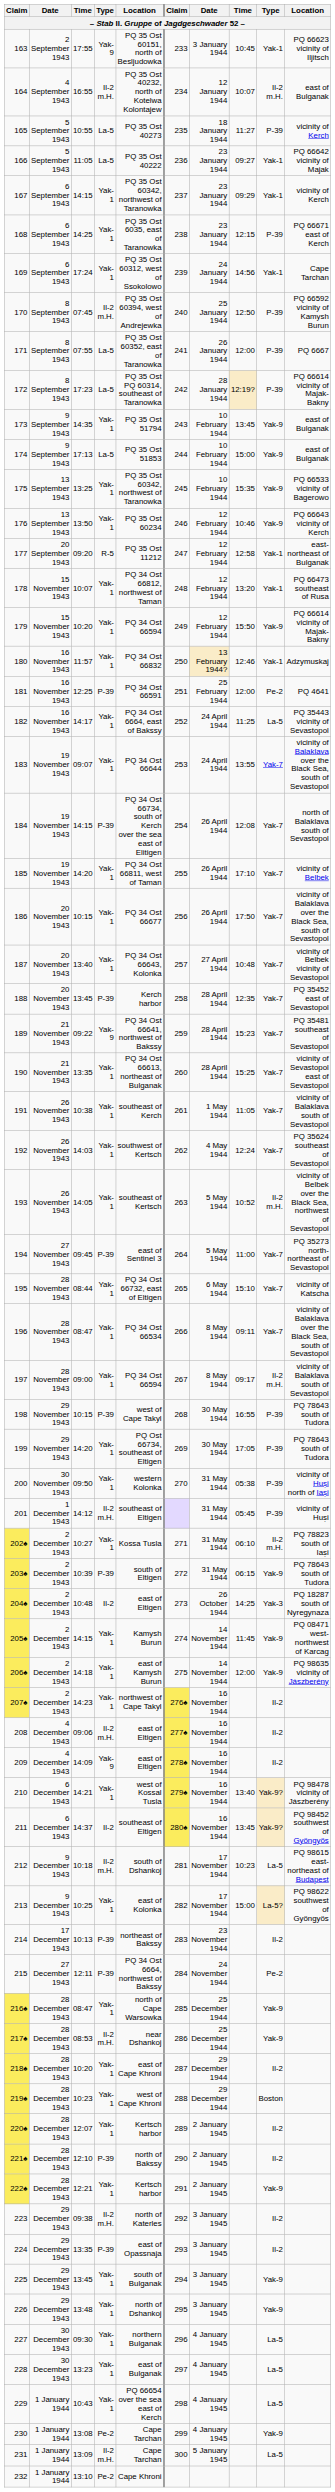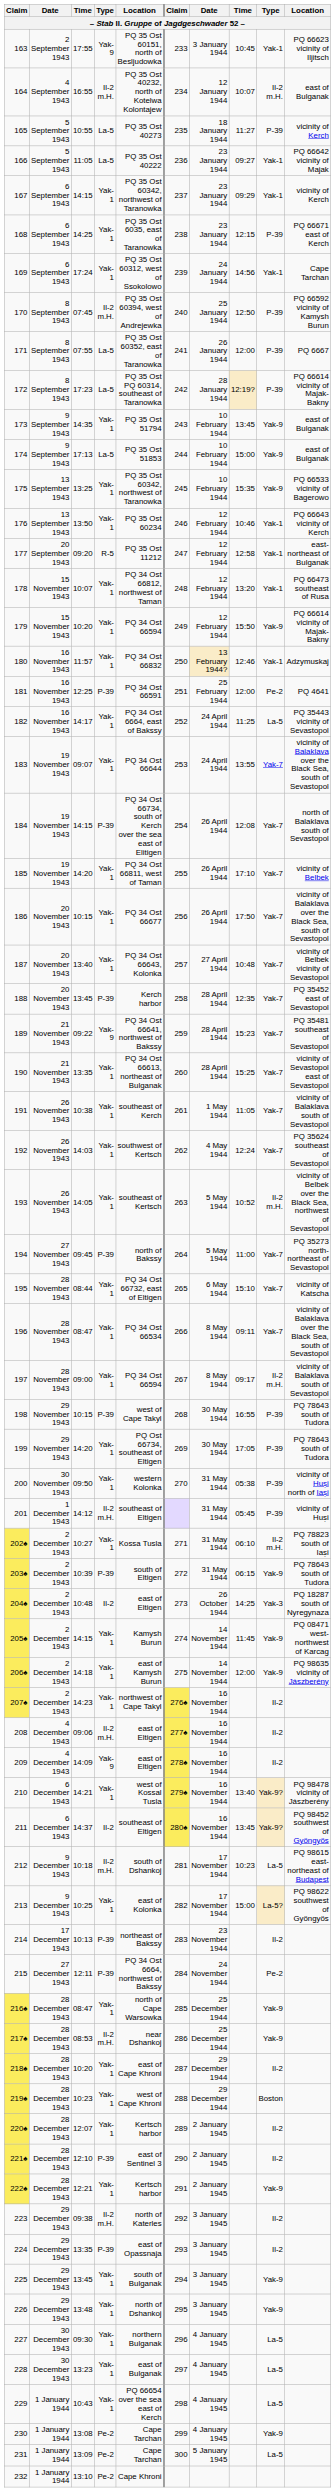 <table class="wikitable plainrowheaders" style="margin-left: auto; margin-right: auto; border: none; text-align:right; width: 100%;">
 <tr>
 <th scope="col">Claim</th>
 <th scope="col">Date</th>
 <th scope="col">Time</th>
 <th scope="col" width="100px">Type</th>
 <th scope="col">Location</th>
 <th scope="col" style="border-left: 3px solid grey;">Claim</th>
 <th scope="col">Date</th>
 <th scope="col">Time</th>
 <th scope="col" width="100px">Type</th>
 <th scope="col">Location</th>
 </tr>
 <tr>
 <th colspan="10">– <em>Stab</em> II. <em>Gruppe</em> of <em>Jagdgeschwader</em> 52 –</th>
 </tr>
 <tr>
 <td>163</td>
 <td>2 September 1943</td>
 <td>17:55</td>
 <td>Yak-9</td>
 <td>PQ 35 Ost 60151,  north of Besljudowka</td>
 <td style="border-left: 3px solid grey;">233</td>
 <td>3 January 1944</td>
 <td>10:45</td>
 <td>Yak-1</td>
 <td>PQ 66623<br>vicinity of Iljitsch</td>
 </tr>
 <tr>
 <td>164</td>
 <td>4 September 1943</td>
 <td>16:55</td>
 <td>Il-2 m.H.</td>
 <td>PQ 35 Ost 40232,  north of Kotelwa<br>Kolontajew</td>
 <td style="border-left: 3px solid grey;">234</td>
 <td>12 January 1944</td>
 <td>10:07</td>
 <td>Il-2 m.H.</td>
 <td>east of Bulganak</td>
 </tr>
 <tr>
 <td>165</td>
 <td>5 September 1943</td>
 <td>10:55</td>
 <td>La-5</td>
 <td>PQ 35 Ost 40273</td>
 <td style="border-left: 3px solid grey;">235</td>
 <td>18 January 1944</td>
 <td>11:27</td>
 <td>P-39</td>
 <td>vicinity of <a href='#'>Kerch</a></td>
 </tr>
 <tr>
 <td>166</td>
 <td>5 September 1943</td>
 <td>11:05</td>
 <td>La-5</td>
 <td>PQ 35 Ost 40222</td>
 <td style="border-left: 3px solid grey;">236</td>
 <td>23 January 1944</td>
 <td>09:27</td>
 <td>Yak-1</td>
 <td>PQ 66642<br>vicinity of Majak</td>
 </tr>
 <tr>
 <td>167</td>
 <td>6 September 1943</td>
 <td>14:15</td>
 <td>Yak-1</td>
 <td>PQ 35 Ost 60342,  northwest of Taranowka</td>
 <td style="border-left: 3px solid grey;">237</td>
 <td>23 January 1944</td>
 <td>09:29</td>
 <td>Yak-1</td>
 <td>vicinity of Kerch</td>
 </tr>
 <tr>
 <td>168</td>
 <td>6 September 1943</td>
 <td>14:25</td>
 <td>Yak-1</td>
 <td>PQ 35 Ost 6035,  east of Taranowka</td>
 <td style="border-left: 3px solid grey;">238</td>
 <td>23 January 1944</td>
 <td>12:15</td>
 <td>P-39</td>
 <td>PQ 66671<br>east of Kerch</td>
 </tr>
 <tr>
 <td>169</td>
 <td>6 September 1943</td>
 <td>17:24</td>
 <td>Yak-1</td>
 <td>PQ 35 Ost 60312,  west of Ssokolowo</td>
 <td style="border-left: 3px solid grey;">239</td>
 <td>24 January 1944</td>
 <td>14:56</td>
 <td>Yak-1</td>
 <td>Cape Tarchan</td>
 </tr>
 <tr>
 <td>170</td>
 <td>8 September 1943</td>
 <td>07:45</td>
 <td>Il-2 m.H.</td>
 <td>PQ 35 Ost 60394,  west of Andrejewka</td>
 <td style="border-left: 3px solid grey;">240</td>
 <td>25 January 1944</td>
 <td>12:50</td>
 <td>P-39</td>
 <td>PQ 66592<br>vicinity of Kamysh Burun</td>
 </tr>
 <tr>
 <td>171</td>
 <td>8 September 1943</td>
 <td>07:55</td>
 <td>La-5</td>
 <td>PQ 35 Ost 60352,  east of Taranowka</td>
 <td style="border-left: 3px solid grey;">241</td>
 <td>26 January 1944</td>
 <td>12:00</td>
 <td>P-39</td>
 <td>PQ 6667</td>
 </tr>
 <tr>
 <td>172</td>
 <td>8 September 1943</td>
 <td>17:23</td>
 <td>La-5</td>
 <td>PQ 35 Ost PQ 60314,  southeast of Taranowka</td>
 <td style="border-left: 3px solid grey;">242</td>
 <td>28 January 1944</td>
 <td style="background:#faecc8">12:19?</td>
 <td>P-39</td>
 <td>PQ 66614<br>vicinity of Majak-Bakny</td>
 </tr>
 <tr>
 <td>173</td>
 <td>9 September 1943</td>
 <td>14:35</td>
 <td>Yak-1</td>
 <td>PQ 35 Ost 51794</td>
 <td style="border-left: 3px solid grey;">243</td>
 <td>10 February 1944</td>
 <td>13:45</td>
 <td>Yak-9</td>
 <td>east of Bulganak</td>
 </tr>
 <tr>
 <td>174</td>
 <td>9 September 1943</td>
 <td>17:13</td>
 <td>La-5</td>
 <td>PQ 35 Ost 51853</td>
 <td style="border-left: 3px solid grey;">244</td>
 <td>10 February 1944</td>
 <td>15:00</td>
 <td>Yak-9</td>
 <td>east of Bulganak</td>
 </tr>
 <tr>
 <td>175</td>
 <td>13 September 1943</td>
 <td>13:25</td>
 <td>Yak-1</td>
 <td>PQ 35 Ost 60342, northwest of Taranowka</td>
 <td style="border-left: 3px solid grey;">245</td>
 <td>10 February 1944</td>
 <td>15:35</td>
 <td>Yak-9</td>
 <td>PQ 66533<br>vicinity of Bagerowo</td>
 </tr>
 <tr>
 <td>176</td>
 <td>13 September 1943</td>
 <td>13:50</td>
 <td>Yak-1</td>
 <td>PQ 35 Ost 60234</td>
 <td style="border-left: 3px solid grey;">246</td>
 <td>12 February 1944</td>
 <td>10:46</td>
-<td>Yak-9</td>
+<td>Yak-1</td>
 <td>PQ 66643<br>vicinity of Kerch</td>
 </tr>
 <tr>
 <td>177</td>
 <td>20 September 1943</td>
 <td>09:20</td>
 <td>R-5</td>
 <td>PQ 35 Ost 11212</td>
 <td style="border-left: 3px solid grey;">247</td>
 <td>12 February 1944</td>
 <td>12:58</td>
 <td>Yak-1</td>
 <td>east-northeast of Bulganak</td>
 </tr>
 <tr>
 <td>178</td>
 <td>15 November 1943</td>
 <td>10:07</td>
 <td>Yak-1</td>
 <td>PQ 34 Ost 66812, northwest of Taman</td>
 <td style="border-left: 3px solid grey;">248</td>
 <td>12 February 1944</td>
 <td>13:20</td>
 <td>Yak-1</td>
 <td>PQ 66473<br> southeast of Rusa</td>
 </tr>
 <tr>
 <td>179</td>
 <td>15 November 1943</td>
 <td>10:20</td>
 <td>Yak-1</td>
 <td>PQ 34 Ost 66594</td>
 <td style="border-left: 3px solid grey;">249</td>
 <td>12 February 1944</td>
 <td>15:50</td>
 <td>Yak-9</td>
 <td>PQ 66614<br>vicinity of Majak-Bakny</td>
 </tr>
 <tr>
 <td>180</td>
 <td>16 November 1943</td>
 <td>11:57</td>
 <td>Yak-1</td>
 <td>PQ 34 Ost 66832</td>
 <td style="border-left: 3px solid grey;">250</td>
 <td style="background:#faecc8">13 February 1944?</td>
 <td>12:46</td>
 <td>Yak-1</td>
 <td>Adzymuskaj</td>
 </tr>
 <tr>
 <td>181</td>
 <td>16 November 1943</td>
 <td>12:25</td>
 <td>P-39</td>
 <td>PQ 34 Ost 66591</td>
 <td style="border-left: 3px solid grey;">251</td>
 <td>25 February 1944</td>
 <td>12:00</td>
 <td>Pe-2</td>
 <td>PQ 4641</td>
 </tr>
 <tr>
 <td>182</td>
 <td>16 November 1943</td>
 <td>14:17</td>
 <td>Yak-1</td>
 <td>PQ 34 Ost 6664,  east of Bakssy</td>
 <td style="border-left: 3px solid grey;">252</td>
 <td>24 April 1944</td>
 <td>11:25</td>
 <td>La-5</td>
 <td>PQ 35443<br>vicinity of Sevastopol</td>
 </tr>
 <tr>
 <td>183</td>
 <td>19 November 1943</td>
 <td>09:07</td>
 <td>Yak-1</td>
 <td>PQ 34 Ost 66644</td>
 <td style="border-left: 3px solid grey;">253</td>
 <td>24 April 1944</td>
 <td>13:55</td>
 <td><a href='#'>Yak-7</a></td>
 <td>vicinity of <a href='#'>Balaklava</a><br>over the Black Sea,  south of Sevastopol</td>
 </tr>
 <tr>
 <td>184</td>
 <td>19 November 1943</td>
 <td>14:15</td>
 <td>P-39</td>
 <td>PQ 34 Ost 66734, south of Kerch<br>over the sea east of Elitigen</td>
 <td style="border-left: 3px solid grey;">254</td>
 <td>26 April 1944</td>
 <td>12:08</td>
 <td>Yak-7</td>
 <td>north of Balaklava<br> south of Sevastopol</td>
 </tr>
 <tr>
 <td>185</td>
 <td>19 November 1943</td>
 <td>14:20</td>
 <td>Yak-1</td>
 <td>PQ 34 Ost 66811, west of Taman</td>
 <td style="border-left: 3px solid grey;">255</td>
 <td>26 April 1944</td>
 <td>17:10</td>
 <td>Yak-7</td>
 <td>vicinity of <a href='#'>Belbek</a></td>
 </tr>
 <tr>
 <td>186</td>
 <td>20 November 1943</td>
 <td>10:15</td>
 <td>Yak-1</td>
 <td>PQ 34 Ost 66677</td>
 <td style="border-left: 3px solid grey;">256</td>
 <td>26 April 1944</td>
 <td>17:50</td>
 <td>Yak-7</td>
 <td>vicinity of Balaklava<br>over the Black Sea,  south of Sevastopol</td>
 </tr>
 <tr>
 <td>187</td>
 <td>20 November 1943</td>
 <td>13:40</td>
 <td>Yak-1</td>
 <td>PQ 34 Ost 66643, Kolonka</td>
 <td style="border-left: 3px solid grey;">257</td>
 <td>27 April 1944</td>
 <td>10:48</td>
 <td>Yak-7</td>
 <td>vicinity of Belbek<br>vicinity of Sevastopol</td>
 </tr>
 <tr>
 <td>188</td>
 <td>20 November 1943</td>
 <td>13:45</td>
 <td>P-39</td>
 <td>Kerch harbor</td>
 <td style="border-left: 3px solid grey;">258</td>
 <td>28 April 1944</td>
 <td>12:35</td>
 <td>Yak-7</td>
 <td>PQ 35452<br> east of Sevastopol</td>
 </tr>
 <tr>
 <td>189</td>
 <td>21 November 1943</td>
 <td>09:22</td>
 <td>Yak-9</td>
 <td>PQ 34 Ost 66641, northwest of Bakssy</td>
 <td style="border-left: 3px solid grey;">259</td>
 <td>28 April 1944</td>
 <td>15:23</td>
 <td>Yak-7</td>
 <td>PQ 35481<br> southeast of Sevastopol</td>
 </tr>
 <tr>
 <td>190</td>
 <td>21 November 1943</td>
 <td>13:35</td>
 <td>Yak-1</td>
 <td>PQ 34 Ost 66613, northeast of Bulganak</td>
 <td style="border-left: 3px solid grey;">260</td>
 <td>28 April 1944</td>
 <td>15:25</td>
 <td>Yak-7</td>
 <td>vicinity of Sevastopol<br> east of Sevastopol</td>
 </tr>
 <tr>
 <td>191</td>
 <td>26 November 1943</td>
 <td>10:38</td>
 <td>Yak-1</td>
 <td>southeast of Kerch</td>
 <td style="border-left: 3px solid grey;">261</td>
 <td>1 May 1944</td>
 <td>11:05</td>
 <td>Yak-7</td>
 <td>vicinity of Balaklava<br> south of Sevastopol</td>
 </tr>
 <tr>
 <td>192</td>
 <td>26 November 1943</td>
 <td>14:03</td>
 <td>Yak-1</td>
 <td>southwest of Kertsch</td>
 <td style="border-left: 3px solid grey;">262</td>
 <td>4 May 1944</td>
 <td>12:24</td>
 <td>Yak-7</td>
 <td>PQ 35624<br> southeast of Sevastopol</td>
 </tr>
 <tr>
 <td>193</td>
 <td>26 November 1943</td>
 <td>14:05</td>
 <td>Yak-1</td>
 <td>southeast of Kertsch</td>
 <td style="border-left: 3px solid grey;">263</td>
 <td>5 May 1944</td>
 <td>10:52</td>
 <td>Il-2 m.H.</td>
 <td>vicinity of Belbek<br>over the Black Sea,  northwest of Sevastopol</td>
 </tr>
 <tr>
 <td>194</td>
 <td>27 November 1943</td>
 <td>09:45</td>
 <td>P-39</td>
-<td>east of Sentinel 3</td>
+<td>north of Bakssy</td>
 <td style="border-left: 3px solid grey;">264</td>
 <td>5 May 1944</td>
 <td>11:00</td>
 <td>Yak-7</td>
 <td>PQ 35273<br> north-northeast of Sevastopol</td>
 </tr>
 <tr>
 <td>195</td>
 <td>28 November 1943</td>
 <td>08:44</td>
 <td>Yak-1</td>
 <td>PQ 34 Ost 66732, east of Eltigen</td>
 <td style="border-left: 3px solid grey;">265</td>
 <td>6 May 1944</td>
 <td>15:10</td>
 <td>Yak-7</td>
 <td>vicinity of Katscha</td>
 </tr>
 <tr>
 <td>196</td>
 <td>28 November 1943</td>
 <td>08:47</td>
 <td>Yak-1</td>
 <td>PQ 34 Ost 66534</td>
 <td style="border-left: 3px solid grey;">266</td>
 <td>8 May 1944</td>
 <td>09:11</td>
 <td>Yak-7</td>
 <td>vicinity of Balaklava<br>over the Black Sea,  south of Sevastopol</td>
 </tr>
 <tr>
 <td>197</td>
 <td>28 November 1943</td>
 <td>09:00</td>
 <td>Yak-1</td>
 <td>PQ 34 Ost 66594</td>
 <td style="border-left: 3px solid grey;">267</td>
 <td>8 May 1944</td>
 <td>09:17</td>
 <td>Il-2 m.H.</td>
 <td>vicinity of Balaklava<br> south of Sevastopol</td>
 </tr>
 <tr>
 <td>198</td>
 <td>29 November 1943</td>
 <td>10:15</td>
 <td>P-39</td>
 <td>west of Cape Takyl</td>
 <td style="border-left: 3px solid grey;">268</td>
 <td>30 May 1944</td>
 <td>16:55</td>
 <td>P-39</td>
 <td>PQ 78643<br> south of Tudora</td>
 </tr>
 <tr>
 <td>199</td>
 <td>29 November 1943</td>
 <td>14:20</td>
 <td>Yak-1</td>
 <td>PQ Ost 66734, southeast of Eltigen</td>
 <td style="border-left: 3px solid grey;">269</td>
 <td>30 May 1944</td>
 <td>17:05</td>
 <td>P-39</td>
 <td>PQ 78643<br> south of Tudora</td>
 </tr>
 <tr>
 <td>200</td>
 <td>30 November 1943</td>
 <td>09:50</td>
 <td>Yak-1</td>
 <td>western Kolonka</td>
 <td style="border-left: 3px solid grey;">270</td>
 <td>31 May 1944</td>
 <td>05:38</td>
 <td>P-39</td>
 <td>vicinity of <a href='#'>Huși</a><br> north of <a href='#'>Iași</a></td>
 </tr>
 <tr>
 <td>201</td>
 <td>1 December 1943</td>
 <td>14:12</td>
 <td>Il-2 m.H.</td>
 <td>southeast of Eltigen</td>
 <td style="border-left: 3px solid grey; background:#e3d9ff;"></td>
 <td>31 May 1944</td>
 <td>05:45</td>
 <td>P-39</td>
 <td>vicinity of Huși</td>
 </tr>
 <tr>
 <td style="background:#fbec5d;">202♠</td>
 <td>2 December 1943</td>
 <td>10:27</td>
 <td>Yak-1</td>
 <td>Kossa Tusla</td>
 <td style="border-left: 3px solid grey;">271</td>
 <td>31 May 1944</td>
 <td>06:10</td>
 <td>Il-2 m.H.</td>
 <td>PQ 78823<br> south of Iași</td>
 </tr>
 <tr>
 <td style="background:#fbec5d;">203♠</td>
 <td>2 December 1943</td>
 <td>10:39</td>
 <td>P-39</td>
 <td>south of Eltigen</td>
 <td style="border-left: 3px solid grey;">272</td>
 <td>31 May 1944</td>
 <td>06:15</td>
 <td>Yak-9</td>
 <td>PQ 78643<br> south of Tudora</td>
 </tr>
 <tr>
 <td style="background:#fbec5d;">204♠</td>
 <td>2 December 1943</td>
 <td>10:48</td>
 <td>Il-2</td>
 <td>east of Eltigen</td>
 <td style="border-left: 3px solid grey;">273</td>
 <td>26 October 1944</td>
 <td>14:25</td>
 <td>Yak-3</td>
 <td>PQ 18287<br> south of Nyregynaza</td>
 </tr>
 <tr>
 <td style="background:#fbec5d;">205♠</td>
 <td>2 December 1943</td>
 <td>14:15</td>
 <td>Yak-1</td>
 <td>Kamysh Burun</td>
 <td style="border-left: 3px solid grey;">274</td>
 <td>14 November 1944</td>
 <td>11:45</td>
 <td>Yak-9</td>
 <td>PQ 08471<br> west-northwest of Karcag</td>
 </tr>
 <tr>
 <td style="background:#fbec5d;">206♠</td>
 <td>2 December 1943</td>
 <td>14:18</td>
 <td>Yak-1</td>
 <td>east of Kamysh Burun</td>
 <td style="border-left: 3px solid grey;">275</td>
 <td>14 November 1944</td>
 <td>12:00</td>
 <td>Yak-9</td>
 <td>PQ 98635<br>vicinity of <a href='#'>Jászberény</a></td>
 </tr>
 <tr>
 <td style="background:#fbec5d;">207♠</td>
 <td>2 December 1943</td>
 <td>14:23</td>
 <td>Yak-1</td>
 <td>northwest of Cape Takyl</td>
 <td style="border-left: 3px solid grey; background:#fbec5d;">276♠</td>
 <td>16 November 1944</td>
 <td></td>
 <td>Il-2</td>
 <td></td>
 </tr>
 <tr>
 <td>208</td>
 <td>4 December 1943</td>
 <td>09:06</td>
 <td>Il-2 m.H.</td>
 <td>east of Eltigen</td>
 <td style="border-left: 3px solid grey; background:#fbec5d;">277♠</td>
 <td>16 November 1944</td>
 <td></td>
 <td>Il-2</td>
 <td></td>
 </tr>
 <tr>
 <td>209</td>
 <td>4 December 1943</td>
 <td>14:09</td>
 <td>Yak-9</td>
 <td>east of Eltigen</td>
 <td style="border-left: 3px solid grey; background:#fbec5d;">278♠</td>
 <td>16 November 1944</td>
 <td></td>
 <td>Il-2</td>
 <td></td>
 </tr>
 <tr>
 <td>210</td>
 <td>6 December 1943</td>
 <td>14:21</td>
 <td>Yak-1</td>
 <td>west of Kossal Tusla</td>
 <td style="border-left: 3px solid grey; background:#fbec5d;">279♠</td>
 <td>16 November 1944</td>
 <td>13:40</td>
 <td style="background:#faecc8">Yak-9?</td>
 <td>PQ 98478<br>vicinity of Jászberény</td>
 </tr>
 <tr>
 <td>211</td>
 <td>6 December 1943</td>
 <td>14:37</td>
 <td>Il-2</td>
 <td>southeast of Eltigen</td>
 <td style="border-left: 3px solid grey; background:#fbec5d;">280♠</td>
 <td>16 November 1944</td>
 <td>13:45</td>
 <td style="background:#faecc8">Yak-9?</td>
 <td>PQ 98452<br> southwest of <a href='#'>Gyöngyös</a></td>
 </tr>
 <tr>
 <td>212</td>
 <td>9 December 1943</td>
 <td>10:18</td>
 <td>Il-2 m.H.</td>
 <td>south of Dshankoj</td>
 <td style="border-left: 3px solid grey;">281</td>
 <td>17 November 1944</td>
 <td>10:23</td>
 <td>La-5</td>
 <td>PQ 98615<br> east-northeast of <a href='#'>Budapest</a></td>
 </tr>
 <tr>
 <td>213</td>
 <td>9 December 1943</td>
 <td>10:25</td>
 <td>Yak-1</td>
 <td>east of Kolonka</td>
 <td style="border-left: 3px solid grey;">282</td>
 <td>17 November 1944</td>
 <td>15:00</td>
 <td style="background:#faecc8">La-5?</td>
 <td>PQ 98622<br> southwest of Gyöngyös</td>
 </tr>
 <tr>
 <td>214</td>
 <td>17 December 1943</td>
 <td>10:13</td>
 <td>P-39</td>
 <td>northeast of Bakssy</td>
 <td style="border-left: 3px solid grey;">283</td>
 <td>23 November 1944</td>
 <td></td>
 <td>Il-2</td>
 <td></td>
 </tr>
 <tr>
 <td>215</td>
 <td>27 December 1943</td>
 <td>12:11</td>
 <td>P-39</td>
 <td>PQ 34 Ost 6664, northwest of Bakssy</td>
 <td style="border-left: 3px solid grey;">284</td>
 <td>24 November 1944</td>
 <td></td>
 <td>Pe-2</td>
 <td></td>
 </tr>
 <tr>
 <td style="background:#fbec5d;">216♠</td>
 <td>28 December 1943</td>
 <td>08:47</td>
 <td>Yak-1</td>
 <td>north of Cape Warsowka</td>
 <td style="border-left: 3px solid grey;">285</td>
 <td>25 December 1944</td>
 <td></td>
 <td>Yak-9</td>
 <td></td>
 </tr>
 <tr>
 <td style="background:#fbec5d;">217♠</td>
 <td>28 December 1943</td>
 <td>08:53</td>
 <td>Il-2 m.H.</td>
 <td>near Dshankoj</td>
 <td style="border-left: 3px solid grey;">286</td>
 <td>25 December 1944</td>
 <td></td>
 <td>Yak-9</td>
 <td></td>
 </tr>
 <tr>
 <td style="background:#fbec5d;">218♠</td>
 <td>28 December 1943</td>
 <td>10:20</td>
 <td>Yak-1</td>
 <td>east of Cape Khroni</td>
 <td style="border-left: 3px solid grey;">287</td>
 <td>29 December 1944</td>
 <td></td>
 <td>Il-2</td>
 <td></td>
 </tr>
 <tr>
 <td style="background:#fbec5d;">219♠</td>
 <td>28 December 1943</td>
 <td>10:23</td>
 <td>Yak-1</td>
 <td>west of Cape Khroni</td>
 <td style="border-left: 3px solid grey;">288</td>
 <td>29 December 1944</td>
 <td></td>
 <td>Boston</td>
 <td></td>
 </tr>
 <tr>
 <td style="background:#fbec5d;">220♠</td>
 <td>28 December 1943</td>
 <td>12:07</td>
 <td>Yak-1</td>
 <td>Kertsch harbor</td>
 <td style="border-left: 3px solid grey;">289</td>
 <td>2 January 1945</td>
 <td></td>
 <td>Il-2</td>
 <td></td>
 </tr>
 <tr>
 <td style="background:#fbec5d;">221♠</td>
 <td>28 December 1943</td>
 <td>12:10</td>
 <td>P-39</td>
-<td>north of Bakssy</td>
+<td>east of Sentinel 3</td>
 <td style="border-left: 3px solid grey;">290</td>
 <td>2 January 1945</td>
 <td></td>
 <td>Il-2</td>
 <td></td>
 </tr>
 <tr>
 <td style="background:#fbec5d;">222♠</td>
 <td>28 December 1943</td>
 <td>12:21</td>
 <td>Yak-1</td>
 <td>Kertsch harbor</td>
 <td style="border-left: 3px solid grey;">291</td>
 <td>2 January 1945</td>
 <td></td>
 <td>Yak-9</td>
 <td></td>
 </tr>
 <tr>
 <td>223</td>
 <td>29 December 1943</td>
 <td>09:38</td>
 <td>Il-2 m.H.</td>
 <td>north of Katerles</td>
 <td style="border-left: 3px solid grey;">292</td>
 <td>3 January 1945</td>
 <td></td>
 <td>Il-2</td>
 <td></td>
 </tr>
 <tr>
 <td>224</td>
 <td>29 December 1943</td>
 <td>13:35</td>
 <td>P-39</td>
 <td>east of Opassnaja</td>
 <td style="border-left: 3px solid grey;">293</td>
 <td>3 January 1945</td>
 <td></td>
 <td>Il-2</td>
 <td></td>
 </tr>
 <tr>
 <td>225</td>
 <td>29 December 1943</td>
 <td>13:45</td>
 <td>Yak-1</td>
 <td>south of Bulganak</td>
 <td style="border-left: 3px solid grey;">294</td>
 <td>3 January 1945</td>
 <td></td>
 <td>Yak-9</td>
 <td></td>
 </tr>
 <tr>
 <td>226</td>
 <td>29 December 1943</td>
 <td>13:48</td>
 <td>Yak-1</td>
 <td>north of Dshankoj</td>
 <td style="border-left: 3px solid grey;">295</td>
 <td>3 January 1945</td>
 <td></td>
 <td>Yak-9</td>
 <td></td>
 </tr>
 <tr>
 <td>227</td>
 <td>30 December 1943</td>
 <td>09:30</td>
 <td>Yak-1</td>
 <td>northern Bulganak</td>
 <td style="border-left: 3px solid grey;">296</td>
 <td>4 January 1945</td>
 <td></td>
 <td>La-5</td>
 <td></td>
 </tr>
 <tr>
 <td>228</td>
 <td>30 December 1943</td>
 <td>13:23</td>
 <td>Yak-1</td>
 <td>east of Bulganak</td>
 <td style="border-left: 3px solid grey;">297</td>
 <td>4 January 1945</td>
 <td></td>
 <td>La-5</td>
 <td></td>
 </tr>
 <tr>
 <td>229</td>
 <td>1 January 1944</td>
 <td>10:43</td>
 <td>Yak-1</td>
 <td>PQ 66654<br>over the sea east of Kerch</td>
 <td style="border-left: 3px solid grey;">298</td>
 <td>4 January 1945</td>
 <td></td>
 <td>La-5</td>
 <td></td>
 </tr>
 <tr>
 <td>230</td>
 <td>1 January 1944</td>
 <td>13:08</td>
 <td>Pe-2</td>
 <td>Cape Tarchan</td>
 <td style="border-left: 3px solid grey;">299</td>
 <td>4 January 1945</td>
 <td></td>
 <td>Yak-9</td>
 <td></td>
 </tr>
 <tr>
 <td>231</td>
 <td>1 January 1944</td>
 <td>13:09</td>
-<td>Il-2 m.H.</td>
+<td>Pe-2</td>
 <td>Cape Tarchan</td>
 <td style="border-left: 3px solid grey;">300</td>
 <td>5 January 1945</td>
 <td></td>
 <td>La-5</td>
 <td></td>
 </tr>
 <tr>
 <td>232</td>
 <td>1 January 1944</td>
 <td>13:10</td>
 <td>Pe-2</td>
 <td>Cape Khroni</td>
 <td style="border-left: 3px solid grey;"></td>
 <td></td>
 <td></td>
 <td></td>
 <td></td>
 </tr>
 </table>
